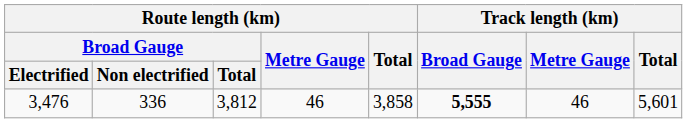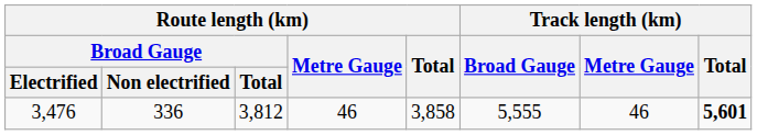 <table class="wikitable" style="text-align:center;" style="font-size: 100%">
 <tr>
 <th colspan="5">Route length (km)</th>
 <th colspan="3">Track length (km)</th>
 </tr>
 <tr>
 <th colspan="3"><a href='#'>Broad Gauge</a></th>
 <th rowspan="2"><a href='#'>Metre Gauge</a></th>
 <th rowspan="2">Total</th>
 <th rowspan="2"><a href='#'>Broad Gauge</a></th>
 <th rowspan="2"><a href='#'>Metre Gauge</a></th>
 <th rowspan="2">Total</th>
 </tr>
 <tr>
 <th>Electrified</th>
 <th>Non electrified</th>
 <th>Total</th>
 </tr>
 <tr>
 <td style="text-align:center;">3,476</td>
 <td style="text-align:center;">336</td>
 <td style="text-align:center;">3,812</td>
 <td style="text-align:center;">46</td>
 <td style="text-align:center;">3,858</td>
-<td style="text-align:center;"><strong>5,555</strong></td>
+<td style="text-align:center;">5,555</td>
 <td style="text-align:center;">46</td>
-<td style="text-align:center;">5,601</td>
+<td style="text-align:center;"><strong>5,601</strong></td>
 </tr>
 </table>
